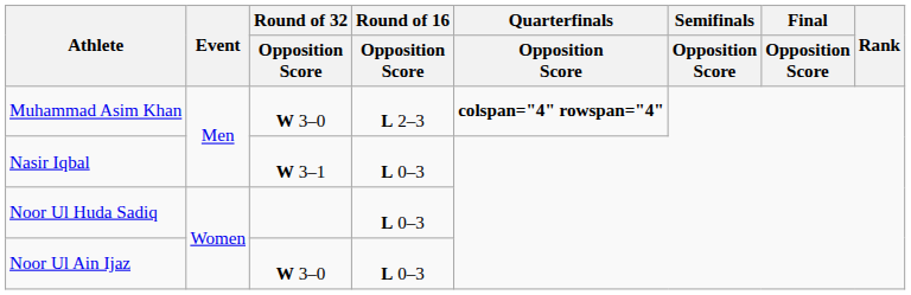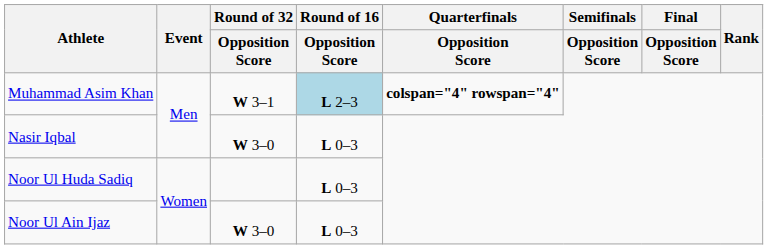 <table class=wikitable style="text-align:center; font-size:90%">
 <tr>
 <th rowspan="2">Athlete</th>
 <th rowspan=2>Event</th>
 <th>Round of 32</th>
 <th>Round of 16</th>
 <th>Quarterfinals</th>
 <th>Semifinals</th>
 <th>Final</th>
 <th rowspan="2">Rank</th>
 </tr>
 <tr>
 <th>Opposition<br>Score</th>
 <th>Opposition<br>Score</th>
 <th>Opposition<br>Score</th>
 <th>Opposition<br>Score</th>
 <th>Opposition<br>Score</th>
 </tr>
 <tr>
 <td align=left><a href='#'>Muhammad Asim Khan</a></td>
 <td rowspan="2"><a href='#'>Men</a></td>
-<td><br><strong>W</strong> 3–0</td>
-<td> <br><strong>L</strong> 2–3</td>
+<td><br><strong>W</strong> 3–1</td>
+<td style="background: lightblue;"> <br><strong>L</strong> 2–3</td>
 <td><strong>colspan="4" rowspan="4" </strong></td>
 </tr>
 <tr>
 <td align=left><a href='#'>Nasir Iqbal</a></td>
-<td><br><strong>W</strong> 3–1</td>
+<td><br><strong>W</strong> 3–0</td>
 <td><br><strong>L</strong> 0–3</td>
 </tr>
 <tr>
 <td align=left><a href='#'>Noor Ul Huda Sadiq</a></td>
 <td rowspan="2"><a href='#'>Women</a></td>
 <td></td>
 <td><br> <strong>L</strong> 0–3</td>
 </tr>
 <tr>
 <td align=left><a href='#'>Noor Ul Ain Ijaz</a></td>
 <td><br><strong>W</strong> 3–0</td>
 <td><br><strong>L</strong> 0–3</td>
 </tr>
 </table>
